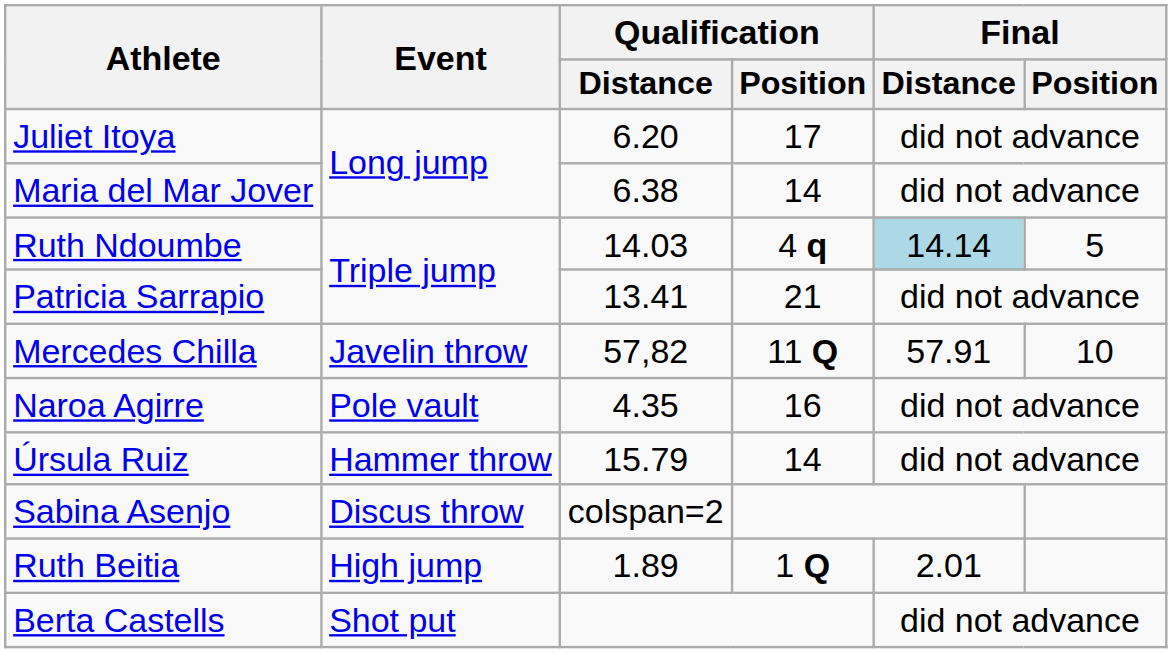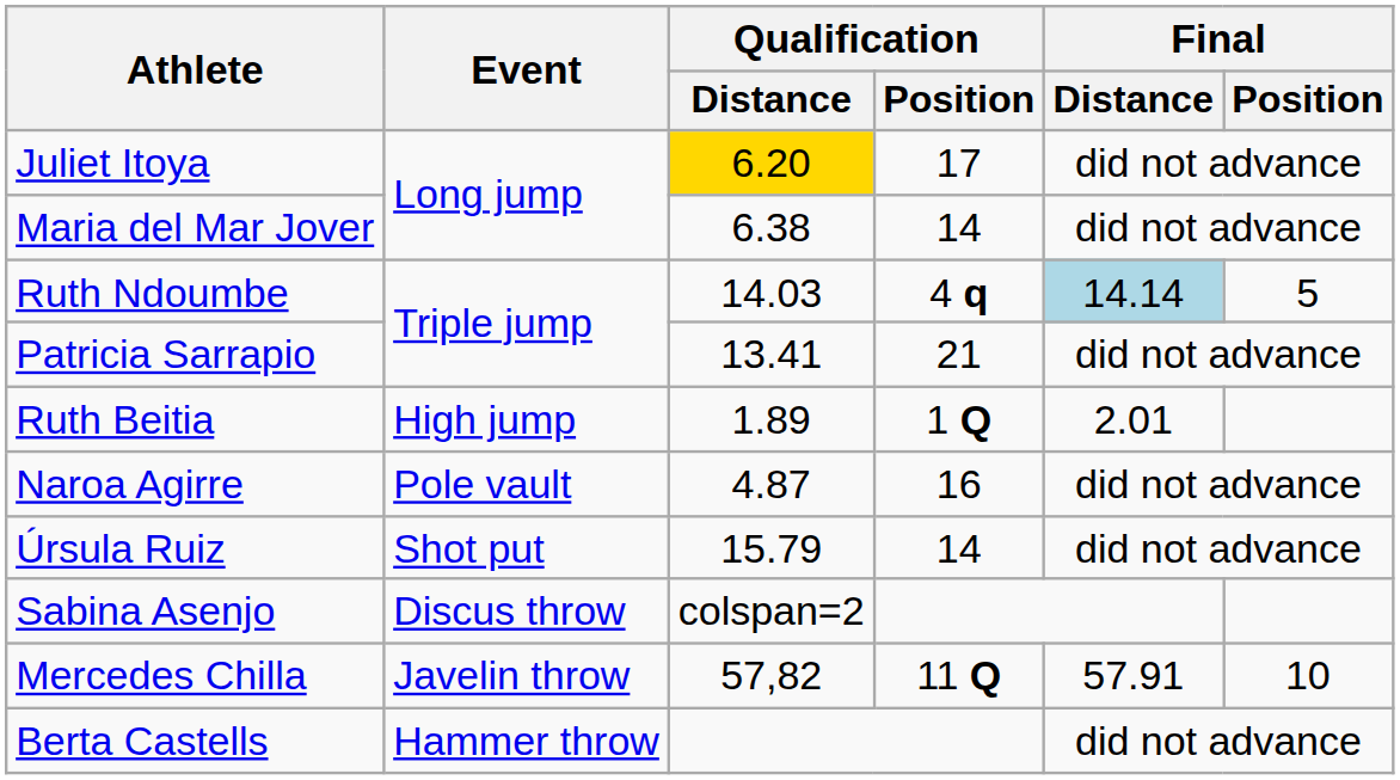 <table class=wikitable style="font-size:90%">
 <tr>
 <th rowspan="2">Athlete</th>
 <th rowspan="2">Event</th>
 <th colspan="2">Qualification</th>
 <th colspan="2">Final</th>
 </tr>
 <tr style="font-size:95%">
 <th>Distance</th>
 <th>Position</th>
 <th>Distance</th>
 <th>Position</th>
 </tr>
 <tr align=center>
 <td align=left><a href='#'>Juliet Itoya</a></td>
 <td align=left rowspan=2><a href='#'>Long jump</a></td>
-<td>6.20</td>
+<td style="background: gold;">6.20</td>
 <td>17</td>
 <td colspan=2>did not advance</td>
 </tr>
 <tr align=center>
 <td align=left><a href='#'>Maria del Mar Jover</a></td>
 <td>6.38</td>
 <td>14</td>
 <td colspan=2>did not advance</td>
 </tr>
 <tr align=center>
 <td align=left><a href='#'>Ruth Ndoumbe</a></td>
 <td align=left rowspan=2><a href='#'>Triple jump</a></td>
 <td>14.03</td>
 <td>4 <strong>q</strong></td>
 <td style="background: lightblue;">14.14</td>
 <td>5</td>
 </tr>
 <tr align=center>
 <td align=left><a href='#'>Patricia Sarrapio</a></td>
 <td>13.41</td>
 <td>21</td>
 <td colspan=2>did not advance</td>
 </tr>
 <tr align=center>
-<td align=left><a href='#'>Mercedes Chilla</a></td>
-<td align=left><a href='#'>Javelin throw</a></td>
-<td>57,82</td>
-<td>11 <strong>Q</strong></td>
-<td>57.91</td>
-<td>10</td>
+<td align=left><a href='#'>Ruth Beitia</a></td>
+<td align=left><a href='#'>High jump</a></td>
+<td>1.89</td>
+<td>1 <strong>Q</strong></td>
+<td>2.01</td>
+<td></td>
 </tr>
 <tr align=center>
 <td align=left><a href='#'>Naroa Agirre</a></td>
 <td align=left><a href='#'>Pole vault</a></td>
-<td>4.35</td>
+<td>4.87</td>
 <td>16</td>
 <td colspan=2>did not advance</td>
 </tr>
 <tr align=center>
 <td align=left><a href='#'>Úrsula Ruiz</a></td>
-<td align=left><a href='#'>Hammer throw</a></td>
+<td align=left><a href='#'>Shot put</a></td>
 <td>15.79</td>
 <td>14</td>
 <td colspan=2>did not advance</td>
 </tr>
 <tr align=center>
 <td align=left><a href='#'>Sabina Asenjo</a></td>
 <td align=left><a href='#'>Discus throw</a></td>
 <td>colspan=2 </td>
 <td colspan=2></td>
 </tr>
 <tr align=center>
-<td align=left><a href='#'>Ruth Beitia</a></td>
-<td align=left><a href='#'>High jump</a></td>
-<td>1.89</td>
-<td>1 <strong>Q</strong></td>
-<td>2.01</td>
-<td></td>
+<td align=left><a href='#'>Mercedes Chilla</a></td>
+<td align=left><a href='#'>Javelin throw</a></td>
+<td>57,82</td>
+<td>11 <strong>Q</strong></td>
+<td>57.91</td>
+<td>10</td>
 </tr>
 <tr align=center>
 <td align=left><a href='#'>Berta Castells</a></td>
-<td align=left><a href='#'>Shot put</a></td>
+<td align=left><a href='#'>Hammer throw</a></td>
 <td colspan=2></td>
 <td colspan=2>did not advance</td>
 </tr>
 </table>
